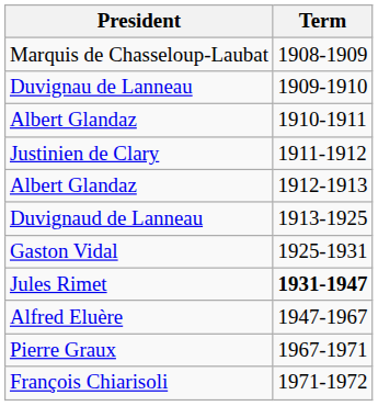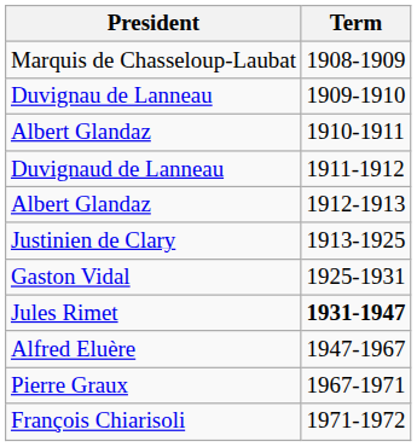 <table class="wikitable">
 <tr>
 <th>President</th>
 <th>Term</th>
 </tr>
 <tr>
 <td>Marquis de Chasseloup-Laubat</td>
 <td>1908-1909</td>
 </tr>
 <tr>
 <td><a href='#'>Duvignau de Lanneau</a></td>
 <td>1909-1910</td>
 </tr>
 <tr>
 <td><a href='#'>Albert Glandaz</a></td>
 <td>1910-1911</td>
 </tr>
 <tr>
-<td><a href='#'>Justinien de Clary</a></td>
+<td><a href='#'>Duvignaud de Lanneau</a></td>
 <td>1911-1912</td>
 </tr>
 <tr>
 <td><a href='#'>Albert Glandaz</a></td>
 <td>1912-1913</td>
 </tr>
 <tr>
-<td><a href='#'>Duvignaud de Lanneau</a></td>
+<td><a href='#'>Justinien de Clary</a></td>
 <td>1913-1925</td>
 </tr>
 <tr>
 <td><a href='#'>Gaston Vidal</a></td>
 <td>1925-1931</td>
 </tr>
 <tr>
 <td><a href='#'>Jules Rimet</a></td>
 <td><strong>1931-1947</strong></td>
 </tr>
 <tr>
 <td><a href='#'>Alfred Eluère</a></td>
 <td>1947-1967</td>
 </tr>
 <tr>
 <td><a href='#'>Pierre Graux</a></td>
 <td>1967-1971</td>
 </tr>
 <tr>
 <td><a href='#'>François Chiarisoli</a></td>
 <td>1971-1972</td>
 </tr>
 </table>
